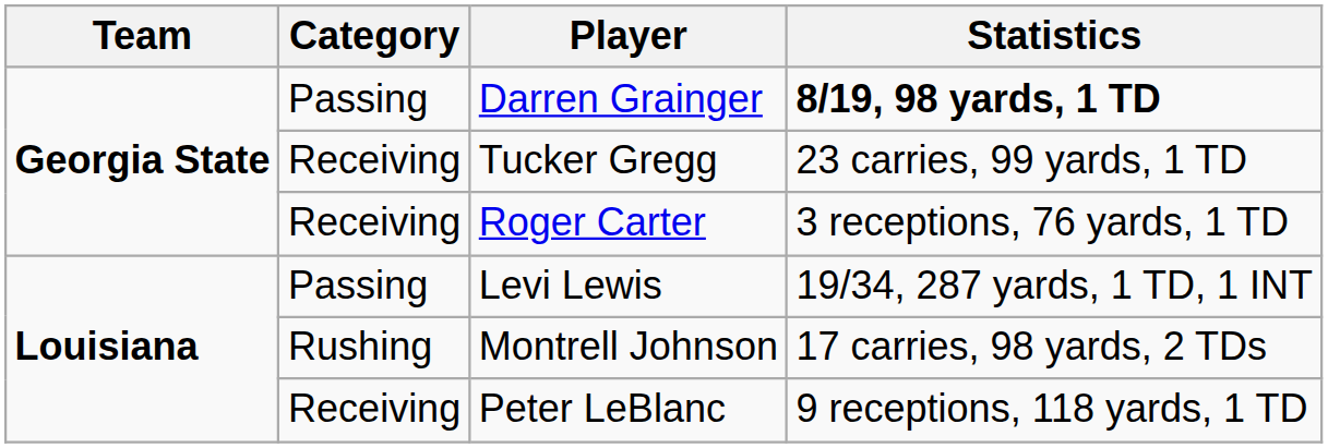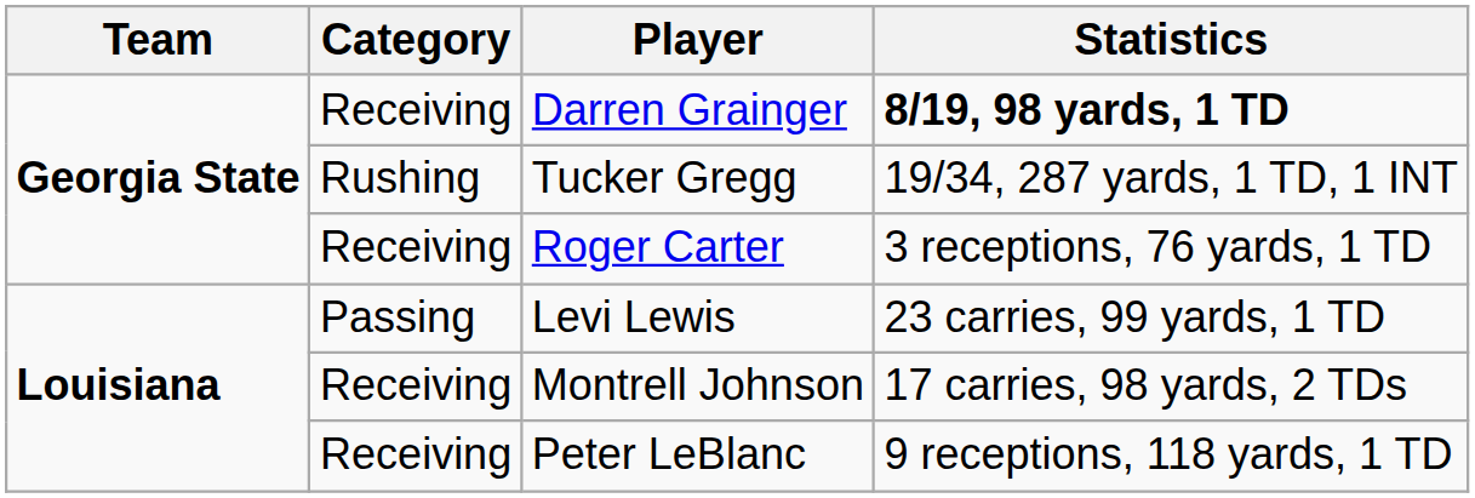 <table class="wikitable" style="float: left;">
 <tr>
 <th>Team</th>
 <th>Category</th>
 <th>Player</th>
 <th>Statistics</th>
 </tr>
 <tr>
 <td rowspan=3><strong>Georgia State</strong></td>
-<td>Passing</td>
+<td>Receiving</td>
 <td><a href='#'>Darren Grainger</a></td>
 <td><strong>8/19, 98 yards, 1 TD</strong></td>
 </tr>
 <tr>
-<td>Receiving</td>
+<td>Rushing</td>
 <td>Tucker Gregg</td>
-<td>23 carries, 99 yards, 1 TD</td>
+<td>19/34, 287 yards, 1 TD, 1 INT</td>
 </tr>
 <tr>
 <td>Receiving</td>
 <td><a href='#'>Roger Carter</a></td>
 <td>3 receptions, 76 yards, 1 TD</td>
 </tr>
 <tr>
 <td rowspan=3><strong>Louisiana</strong></td>
 <td>Passing</td>
 <td>Levi Lewis</td>
-<td>19/34, 287 yards, 1 TD, 1 INT</td>
+<td>23 carries, 99 yards, 1 TD</td>
 </tr>
 <tr>
-<td>Rushing</td>
+<td>Receiving</td>
 <td>Montrell Johnson</td>
 <td>17 carries, 98 yards, 2 TDs</td>
 </tr>
 <tr>
 <td>Receiving</td>
 <td>Peter LeBlanc</td>
 <td>9 receptions, 118 yards, 1 TD</td>
 </tr>
 </table>
